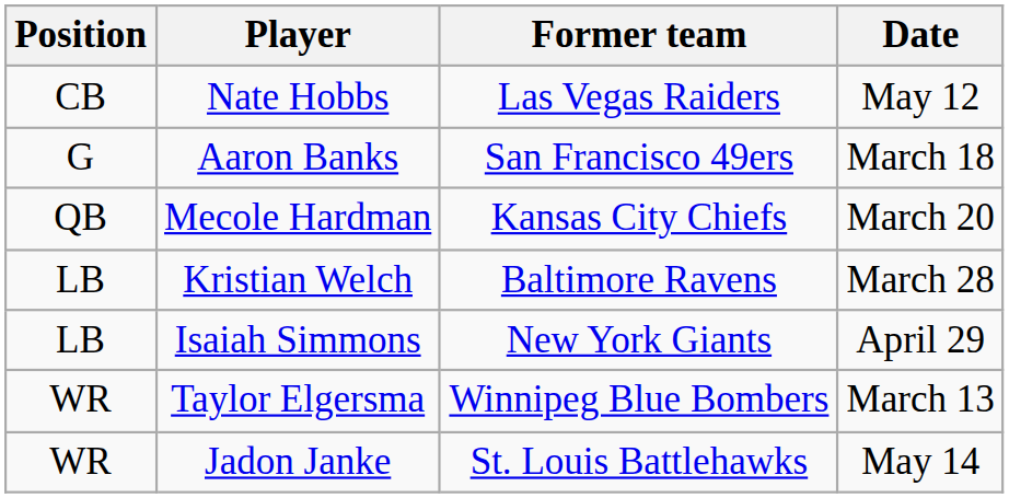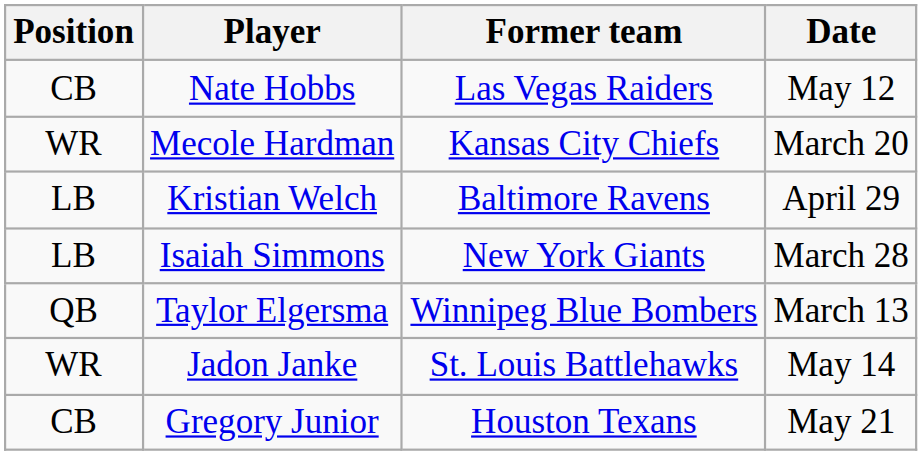 <table class="wikitable" style="text-align:center">
 <tr>
 <th>Position</th>
 <th>Player</th>
 <th>Former team</th>
 <th>Date</th>
 </tr>
 <tr>
 <td>CB</td>
 <td><a href='#'>Nate Hobbs</a></td>
 <td><a href='#'>Las Vegas Raiders</a></td>
 <td>May 12</td>
 </tr>
 <tr>
-<td>G</td>
-<td><a href='#'>Aaron Banks</a></td>
-<td><a href='#'>San Francisco 49ers</a></td>
-<td>March 18</td>
-</tr>
-<tr>
-<td>QB</td>
+<td>WR</td>
 <td><a href='#'>Mecole Hardman</a></td>
 <td><a href='#'>Kansas City Chiefs</a></td>
 <td>March 20</td>
 </tr>
 <tr>
 <td>LB</td>
 <td><a href='#'>Kristian Welch</a></td>
 <td><a href='#'>Baltimore Ravens</a></td>
-<td>March 28</td>
+<td>April 29</td>
 </tr>
 <tr>
 <td>LB</td>
 <td><a href='#'>Isaiah Simmons</a></td>
 <td><a href='#'>New York Giants</a></td>
-<td>April 29</td>
+<td>March 28</td>
 </tr>
 <tr>
-<td>WR</td>
+<td>QB</td>
 <td><a href='#'>Taylor Elgersma</a></td>
 <td><a href='#'>Winnipeg Blue Bombers</a></td>
 <td>March 13</td>
 </tr>
 <tr>
 <td>WR</td>
 <td><a href='#'>Jadon Janke</a></td>
 <td><a href='#'>St. Louis Battlehawks</a></td>
 <td>May 14</td>
 </tr>
+<tr>
+<td>CB</td>
+<td><a href='#'>Gregory Junior</a></td>
+<td><a href='#'>Houston Texans</a></td>
+<td>May 21</td>
+</tr>
 </table>
